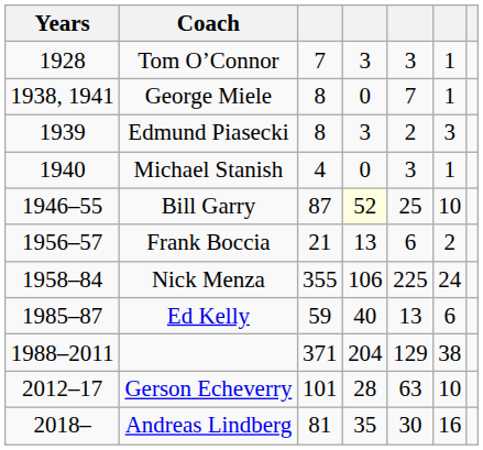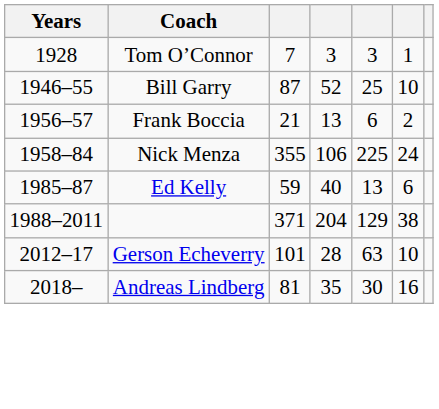 <table class="wikitable sortable" style="text-align: center;">
 <tr>
 <th>Years</th>
 <th>Coach</th>
 <th></th>
 <th></th>
 <th></th>
 <th></th>
 <th></th>
 </tr>
 <tr>
 <td>1928</td>
 <td>Tom O’Connor</td>
 <td align="center">7</td>
 <td align="center">3</td>
 <td align="center">3</td>
 <td align="center">1</td>
 <td align="center"></td>
 </tr>
 <tr>
-<td>1938, 1941</td>
-<td>George Miele</td>
-<td align="center">8</td>
-<td align="center">0</td>
-<td align="center">7</td>
-<td align="center">1</td>
-<td align="center"></td>
-</tr>
-<tr>
-<td>1939</td>
-<td>Edmund Piasecki</td>
-<td align="center">8</td>
-<td align="center">3</td>
-<td align="center">2</td>
-<td align="center">3</td>
-<td align="center"></td>
-</tr>
-<tr>
-<td>1940</td>
-<td>Michael Stanish</td>
-<td align="center">4</td>
-<td align="center">0</td>
-<td align="center">3</td>
-<td align="center">1</td>
-<td align="center"></td>
-</tr>
-<tr>
 <td>1946–55</td>
 <td>Bill Garry</td>
 <td align="center">87</td>
-<td align="center" style="background: lightyellow;">52</td>
+<td align="center">52</td>
 <td align="center">25</td>
 <td align="center">10</td>
 <td align="center"></td>
 </tr>
 <tr>
 <td>1956–57</td>
 <td>Frank Boccia</td>
 <td align="center">21</td>
 <td align="center">13</td>
 <td align="center">6</td>
 <td align="center">2</td>
 <td align="center"></td>
 </tr>
 <tr>
 <td>1958–84</td>
 <td>Nick Menza</td>
 <td align="center">355</td>
 <td align="center">106</td>
 <td align="center">225</td>
 <td align="center">24</td>
 <td align="center"></td>
 </tr>
 <tr>
 <td>1985–87</td>
 <td><a href='#'>Ed Kelly</a></td>
 <td align="center">59</td>
 <td align="center">40</td>
 <td align="center">13</td>
 <td align="center">6</td>
 <td align="center"></td>
 </tr>
 <tr>
 <td>1988–2011</td>
 <td></td>
 <td align="center">371</td>
 <td align="center">204</td>
 <td align="center">129</td>
 <td align="center">38</td>
 <td align="center"></td>
 </tr>
 <tr>
 <td>2012–17</td>
 <td><a href='#'>Gerson Echeverry</a></td>
 <td align="center">101</td>
 <td align="center">28</td>
 <td align="center">63</td>
 <td align="center">10</td>
 <td align="center"></td>
 </tr>
 <tr>
 <td>2018–</td>
 <td><a href='#'>Andreas Lindberg</a></td>
 <td align="center">81</td>
 <td align="center">35</td>
 <td align="center">30</td>
 <td align="center">16</td>
 <td align="center"></td>
 </tr>
 </table>
